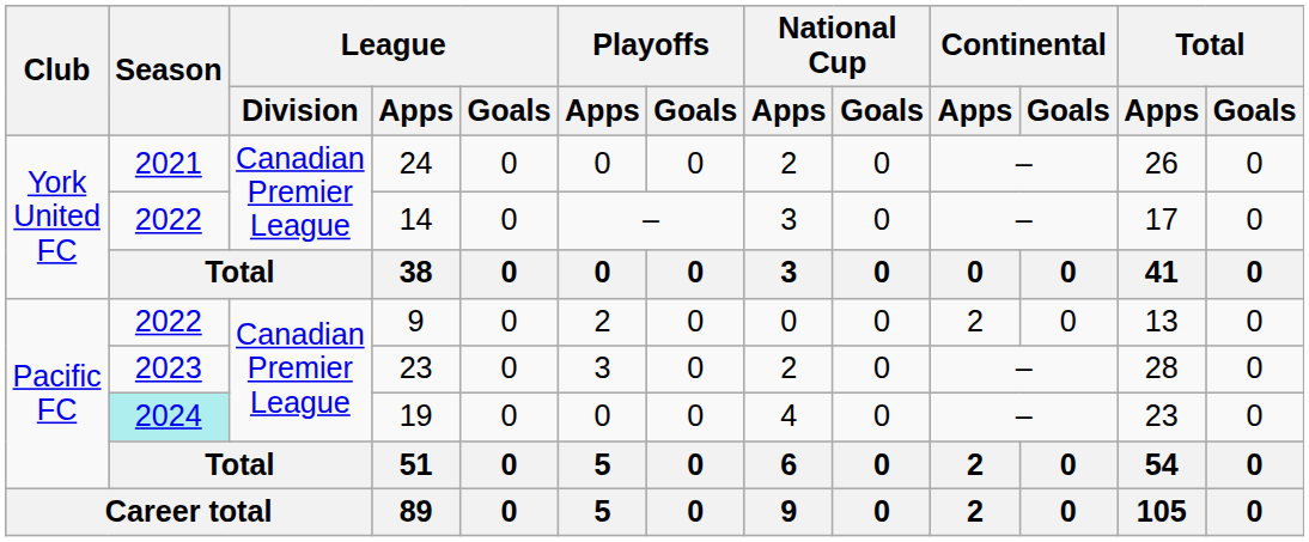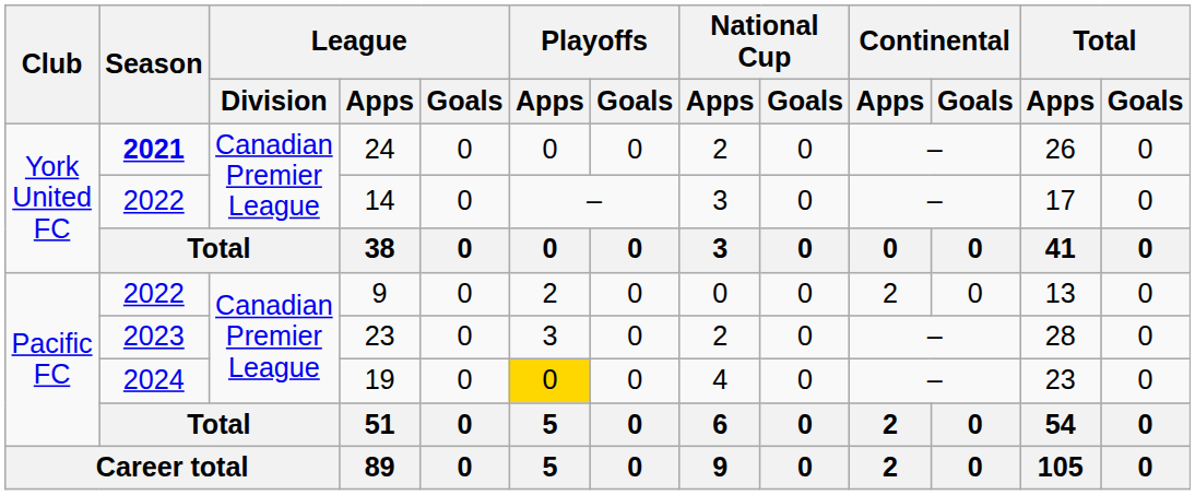 <table class="wikitable" style="text-align:center">
 <tr>
 <th rowspan="2">Club</th>
 <th rowspan="2">Season</th>
 <th colspan="3">League</th>
 <th colspan="2">Playoffs</th>
 <th colspan="2">National Cup</th>
 <th colspan="2">Continental</th>
 <th colspan="2">Total</th>
 </tr>
 <tr>
 <th>Division</th>
 <th>Apps</th>
 <th>Goals</th>
 <th>Apps</th>
 <th>Goals</th>
 <th>Apps</th>
 <th>Goals</th>
 <th>Apps</th>
 <th>Goals</th>
 <th>Apps</th>
 <th>Goals</th>
 </tr>
 <tr>
 <td rowspan=3><a href='#'>York United FC</a></td>
-<td><a href='#'>2021</a></td>
+<td><strong><a href='#'>2021</a></strong></td>
 <td rowspan=2><a href='#'>Canadian Premier League</a></td>
 <td>24</td>
 <td>0</td>
 <td>0</td>
 <td>0</td>
 <td>2</td>
 <td>0</td>
 <td colspan="2">–</td>
 <td>26</td>
 <td>0</td>
 </tr>
 <tr>
 <td><a href='#'>2022</a></td>
 <td>14</td>
 <td>0</td>
 <td colspan="2">–</td>
 <td>3</td>
 <td>0</td>
 <td colspan="2">–</td>
 <td>17</td>
 <td>0</td>
 </tr>
 <tr>
 <th colspan="2">Total</th>
 <th>38</th>
 <th>0</th>
 <th>0</th>
 <th>0</th>
 <th>3</th>
 <th>0</th>
 <th>0</th>
 <th>0</th>
 <th>41</th>
 <th>0</th>
 </tr>
 <tr>
 <td rowspan=4><a href='#'>Pacific FC</a></td>
 <td><a href='#'>2022</a></td>
 <td rowspan=3><a href='#'>Canadian Premier League</a></td>
 <td>9</td>
 <td>0</td>
 <td>2</td>
 <td>0</td>
 <td>0</td>
 <td>0</td>
 <td>2</td>
 <td>0</td>
 <td>13</td>
 <td>0</td>
 </tr>
 <tr>
 <td><a href='#'>2023</a></td>
 <td>23</td>
 <td>0</td>
 <td>3</td>
 <td>0</td>
 <td>2</td>
 <td>0</td>
 <td colspan="2">–</td>
 <td>28</td>
 <td>0</td>
 </tr>
 <tr>
-<td style="background: paleturquoise;"><a href='#'>2024</a></td>
+<td><a href='#'>2024</a></td>
 <td>19</td>
 <td>0</td>
-<td>0</td>
+<td style="background: gold;">0</td>
 <td>0</td>
 <td>4</td>
 <td>0</td>
 <td colspan="2">–</td>
 <td>23</td>
 <td>0</td>
 </tr>
 <tr>
 <th colspan="2">Total</th>
 <th>51</th>
 <th>0</th>
 <th>5</th>
 <th>0</th>
 <th>6</th>
 <th>0</th>
 <th>2</th>
 <th>0</th>
 <th>54</th>
 <th>0</th>
 </tr>
 <tr>
 <th colspan="3">Career total</th>
 <th>89</th>
 <th>0</th>
 <th>5</th>
 <th>0</th>
 <th>9</th>
 <th>0</th>
 <th>2</th>
 <th>0</th>
 <th>105</th>
 <th>0</th>
 </tr>
 </table>
